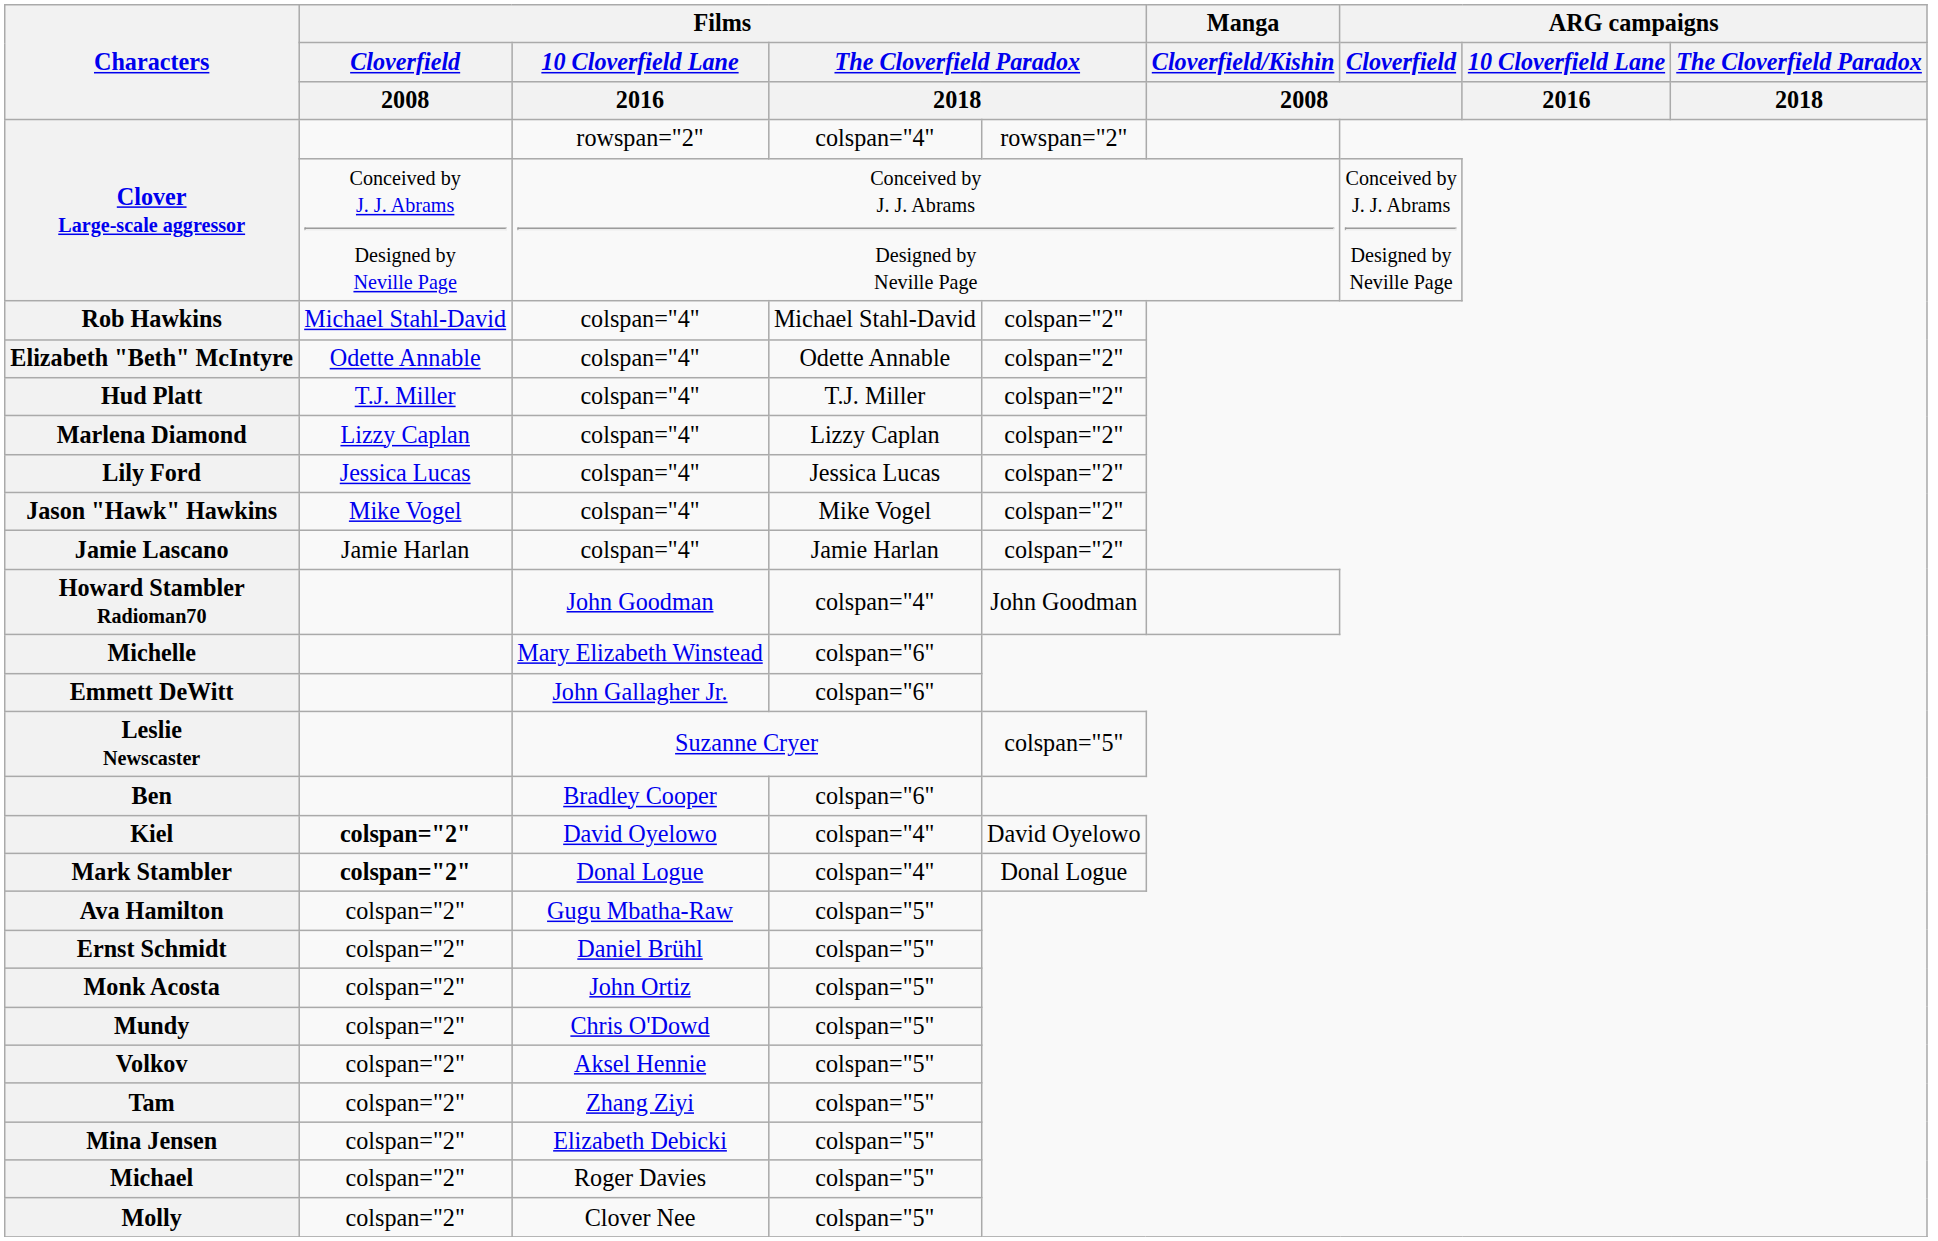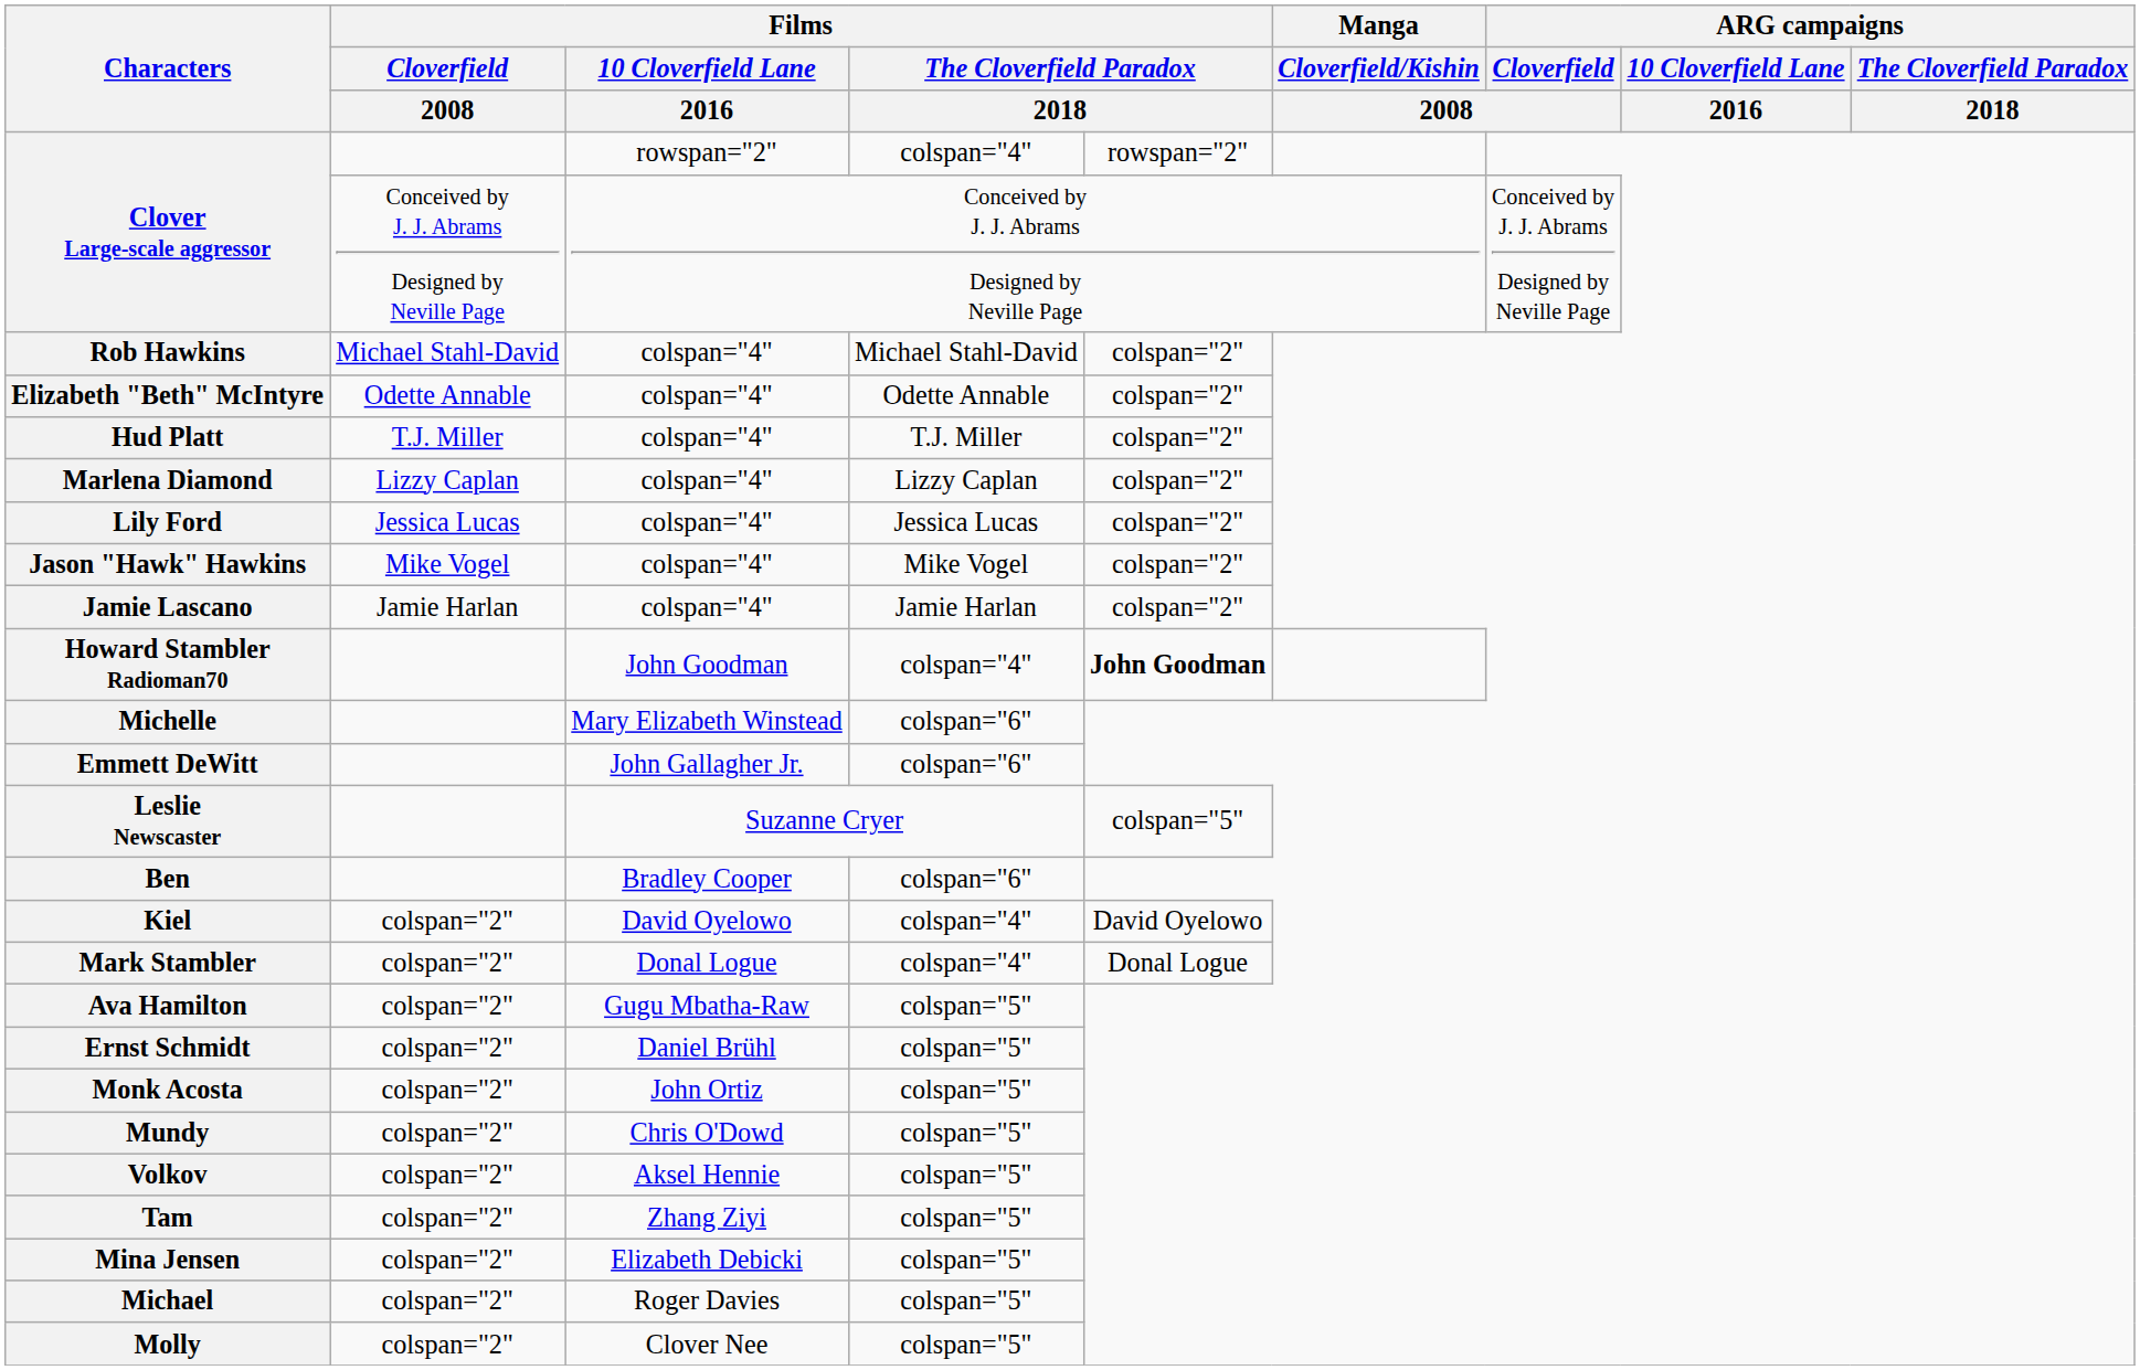 <table class="wikitable" style="text-align:center;">
 <tr>
 <th rowspan="3"><a href='#'>Characters</a></th>
 <th colspan="4">Films</th>
 <th>Manga</th>
 <th colspan="3">ARG campaigns</th>
 </tr>
 <tr>
 <th><em><a href='#'>Cloverfield</a></em></th>
 <th><em><a href='#'>10 Cloverfield Lane</a></em></th>
 <th colspan="2"><em><a href='#'>The Cloverfield Paradox</a></em></th>
 <th><em><a href='#'>Cloverfield/Kishin</a></em></th>
 <th><em><a href='#'>Cloverfield</a></em></th>
 <th><em><a href='#'>10 Cloverfield Lane</a></em></th>
 <th><em><a href='#'>The Cloverfield Paradox</a></em></th>
 </tr>
 <tr>
 <th>2008</th>
 <th>2016</th>
 <th colspan="2">2018</th>
 <th colspan="2">2008</th>
 <th>2016</th>
 <th>2018</th>
 </tr>
 <tr>
 <th rowspan="2"><a href='#'>Clover<br><small>Large-scale aggressor</small></a></th>
 <td></td>
 <td>rowspan="2" </td>
 <td>colspan="4" </td>
 <td>rowspan="2" </td>
 <td></td>
 </tr>
 <tr>
 <td><small>Conceived by<br><a href='#'>J. J. Abrams</a><hr>Designed by<br><a href='#'>Neville Page</a></small></td>
 <td colspan="4"><small>Conceived by<br>J. J. Abrams<hr>Designed by<br>Neville Page</small></td>
 <td><small>Conceived by<br>J. J. Abrams<hr>Designed by<br>Neville Page</small></td>
 </tr>
 <tr>
 <th>Rob Hawkins</th>
 <td><a href='#'>Michael Stahl-David</a></td>
 <td>colspan="4" </td>
 <td>Michael Stahl-David</td>
 <td>colspan="2" </td>
 </tr>
 <tr>
 <th>Elizabeth "Beth" McIntyre</th>
 <td><a href='#'>Odette Annable</a></td>
 <td>colspan="4" </td>
 <td>Odette Annable</td>
 <td>colspan="2" </td>
 </tr>
 <tr>
 <th>Hud Platt</th>
 <td><a href='#'>T.J. Miller</a></td>
 <td>colspan="4" </td>
 <td>T.J. Miller</td>
 <td>colspan="2" </td>
 </tr>
 <tr>
 <th>Marlena Diamond</th>
 <td><a href='#'>Lizzy Caplan</a></td>
 <td>colspan="4" </td>
 <td>Lizzy Caplan</td>
 <td>colspan="2" </td>
 </tr>
 <tr>
 <th>Lily Ford</th>
 <td><a href='#'>Jessica Lucas</a></td>
 <td>colspan="4" </td>
 <td>Jessica Lucas</td>
 <td>colspan="2" </td>
 </tr>
 <tr>
 <th>Jason "Hawk" Hawkins</th>
 <td><a href='#'>Mike Vogel</a></td>
 <td>colspan="4" </td>
 <td>Mike Vogel</td>
 <td>colspan="2" </td>
 </tr>
 <tr>
 <th>Jamie Lascano</th>
 <td>Jamie Harlan</td>
 <td>colspan="4" </td>
 <td>Jamie Harlan</td>
 <td>colspan="2" </td>
 </tr>
 <tr>
 <th>Howard Stambler<br><small>Radioman70</small></th>
 <td></td>
 <td><a href='#'>John Goodman</a></td>
 <td>colspan="4" </td>
-<td>John Goodman</td>
+<td><strong>John Goodman</strong></td>
 <td></td>
 </tr>
 <tr>
 <th>Michelle</th>
 <td></td>
 <td><a href='#'>Mary Elizabeth Winstead</a></td>
 <td>colspan="6" </td>
 </tr>
 <tr>
 <th>Emmett DeWitt</th>
 <td></td>
 <td><a href='#'>John Gallagher Jr.</a></td>
 <td>colspan="6" </td>
 </tr>
 <tr>
 <th>Leslie<br><small>Newscaster</small></th>
 <td></td>
 <td colspan="2"><a href='#'>Suzanne Cryer</a></td>
 <td>colspan="5" </td>
 </tr>
 <tr>
 <th>Ben</th>
 <td></td>
 <td><a href='#'>Bradley Cooper</a></td>
 <td>colspan="6" </td>
 </tr>
 <tr>
 <th>Kiel</th>
-<td><strong>colspan="2" </strong></td>
+<td>colspan="2" </td>
 <td><a href='#'>David Oyelowo</a></td>
 <td>colspan="4" </td>
 <td>David Oyelowo</td>
 </tr>
 <tr>
 <th>Mark Stambler</th>
-<td><strong>colspan="2" </strong></td>
+<td>colspan="2" </td>
 <td><a href='#'>Donal Logue</a></td>
 <td>colspan="4" </td>
 <td>Donal Logue</td>
 </tr>
 <tr>
 <th>Ava Hamilton</th>
 <td>colspan="2" </td>
 <td><a href='#'>Gugu Mbatha-Raw</a></td>
 <td>colspan="5" </td>
 </tr>
 <tr>
 <th>Ernst Schmidt</th>
 <td>colspan="2" </td>
 <td><a href='#'>Daniel Brühl</a></td>
 <td>colspan="5" </td>
 </tr>
 <tr>
 <th>Monk Acosta</th>
 <td>colspan="2" </td>
 <td><a href='#'>John Ortiz</a></td>
 <td>colspan="5" </td>
 </tr>
 <tr>
 <th>Mundy</th>
 <td>colspan="2" </td>
 <td><a href='#'>Chris O'Dowd</a></td>
 <td>colspan="5" </td>
 </tr>
 <tr>
 <th>Volkov</th>
 <td>colspan="2" </td>
 <td><a href='#'>Aksel Hennie</a></td>
 <td>colspan="5" </td>
 </tr>
 <tr>
 <th>Tam</th>
 <td>colspan="2" </td>
 <td><a href='#'>Zhang Ziyi</a></td>
 <td>colspan="5" </td>
 </tr>
 <tr>
 <th>Mina Jensen</th>
 <td>colspan="2" </td>
 <td><a href='#'>Elizabeth Debicki</a></td>
 <td>colspan="5" </td>
 </tr>
 <tr>
 <th>Michael</th>
 <td>colspan="2" </td>
 <td>Roger Davies</td>
 <td>colspan="5" </td>
 </tr>
 <tr>
 <th>Molly</th>
 <td>colspan="2" </td>
 <td>Clover Nee</td>
 <td>colspan="5" </td>
 </tr>
 </table>
